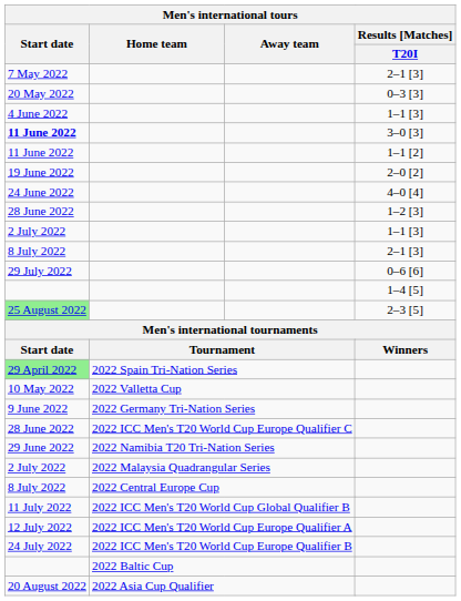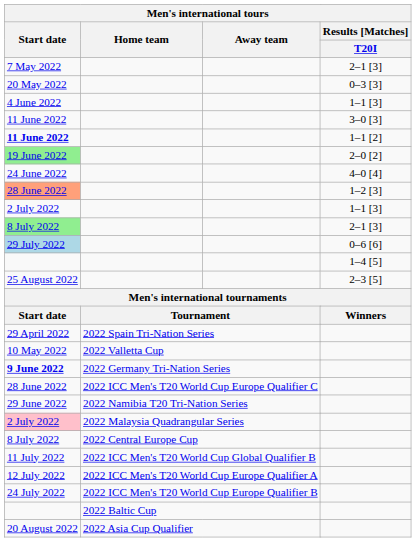 <table class="wikitable" style="text-align:center;">
 <tr>
 <th colspan=6>Men's international tours</th>
 </tr>
 <tr>
 <th rowspan=2>Start date</th>
 <th rowspan=2>Home team</th>
 <th rowspan=2>Away team</th>
 <th colspan=3>Results [Matches]</th>
 </tr>
 <tr>
 <th colspan=3><a href='#'>T20I</a></th>
 </tr>
 <tr>
 <td style="text-align:left"><a href='#'>7 May 2022</a></td>
 <td style="text-align:left"></td>
 <td style="text-align:left"></td>
 <td colspan=3>2–1 [3]</td>
 </tr>
 <tr>
 <td style="text-align:left"><a href='#'>20 May 2022</a></td>
 <td style="text-align:left"></td>
 <td style="text-align:left"></td>
 <td colspan=3>0–3 [3]</td>
 </tr>
 <tr>
 <td style="text-align:left"><a href='#'>4 June 2022</a></td>
 <td style="text-align:left"></td>
 <td style="text-align:left"></td>
 <td colspan=3>1–1 [3]</td>
 </tr>
 <tr>
-<td style="text-align:left"><strong><a href='#'>11 June 2022</a></strong></td>
+<td style="text-align:left"><a href='#'>11 June 2022</a></td>
 <td style="text-align:left"></td>
 <td style="text-align:left"></td>
 <td colspan=3>3–0 [3]</td>
 </tr>
 <tr>
-<td style="text-align:left"><a href='#'>11 June 2022</a></td>
+<td style="text-align:left"><strong><a href='#'>11 June 2022</a></strong></td>
 <td style="text-align:left"></td>
 <td style="text-align:left"></td>
 <td colspan=3>1–1 [2]</td>
 </tr>
 <tr>
-<td style="text-align:left"><a href='#'>19 June 2022</a></td>
+<td style="background: lightgreen; text-align:left"><a href='#'>19 June 2022</a></td>
 <td style="text-align:left"></td>
 <td style="text-align:left"></td>
 <td colspan=3>2–0 [2]</td>
 </tr>
 <tr>
 <td style="text-align:left"><a href='#'>24 June 2022</a></td>
 <td style="text-align:left"></td>
 <td style="text-align:left"></td>
 <td colspan=3>4–0 [4]</td>
 </tr>
 <tr>
-<td style="text-align:left"><a href='#'>28 June 2022</a></td>
+<td style="background: lightsalmon; text-align:left"><a href='#'>28 June 2022</a></td>
 <td style="text-align:left"></td>
 <td style="text-align:left"></td>
 <td colspan=3>1–2 [3]</td>
 </tr>
 <tr>
 <td style="text-align:left"><a href='#'>2 July 2022</a></td>
 <td style="text-align:left"></td>
 <td style="text-align:left"></td>
 <td colspan=3>1–1 [3]</td>
 </tr>
 <tr>
-<td style="text-align:left"><a href='#'>8 July 2022</a></td>
+<td style="background: lightgreen; text-align:left"><a href='#'>8 July 2022</a></td>
 <td style="text-align:left"></td>
 <td style="text-align:left"></td>
 <td colspan=3>2–1 [3]</td>
 </tr>
 <tr>
-<td style="text-align:left"><a href='#'>29 July 2022</a></td>
+<td style="background: lightblue; text-align:left"><a href='#'>29 July 2022</a></td>
 <td style="text-align:left"></td>
 <td style="text-align:left"></td>
 <td colspan=3>0–6 [6]</td>
 </tr>
 <tr>
 <td style="text-align:left"><a href='#'></a></td>
 <td style="text-align:left"> </td>
 <td style="text-align:left"></td>
 <td colspan=3>1–4 [5]</td>
 </tr>
 <tr>
-<td style="background: lightgreen; text-align:left"><a href='#'>25 August 2022</a></td>
+<td style="text-align:left"><a href='#'>25 August 2022</a></td>
 <td style="text-align:left"></td>
 <td style="text-align:left"></td>
 <td colspan=3>2–3 [5]</td>
 </tr>
 <tr>
 <th colspan=6>Men's international tournaments</th>
 </tr>
 <tr>
 <th>Start date</th>
 <th colspan=3>Tournament</th>
 <th colspan=2>Winners</th>
 </tr>
 <tr>
-<td style="background: lightgreen; text-align:left"><a href='#'>29 April 2022</a></td>
+<td style="text-align:left"><a href='#'>29 April 2022</a></td>
 <td style="text-align:left" colspan=3> <a href='#'>2022 Spain Tri-Nation Series</a></td>
 <td style="text-align:left" colspan=3></td>
 </tr>
 <tr>
 <td style="text-align:left"><a href='#'>10 May 2022</a></td>
 <td style="text-align:left" colspan=3> <a href='#'>2022 Valletta Cup</a></td>
 <td style="text-align:left" colspan=3></td>
 </tr>
 <tr>
-<td style="text-align:left"><a href='#'>9 June 2022</a></td>
+<td style="text-align:left"><strong><a href='#'>9 June 2022</a></strong></td>
 <td style="text-align:left" colspan=3> <a href='#'>2022 Germany Tri-Nation Series</a></td>
 <td style="text-align:left" colspan=3></td>
 </tr>
 <tr>
 <td style="text-align:left"><a href='#'>28 June 2022</a></td>
 <td style="text-align:left" colspan=3> <a href='#'>2022 ICC Men's T20 World Cup Europe Qualifier C</a></td>
 <td style="text-align:left" colspan=3></td>
 </tr>
 <tr>
 <td style="text-align:left"><a href='#'>29 June 2022</a></td>
 <td style="text-align:left" colspan=3> <a href='#'>2022 Namibia T20 Tri-Nation Series</a></td>
 <td style="text-align:left" colspan=3></td>
 </tr>
 <tr>
-<td style="text-align:left"><a href='#'>2 July 2022</a></td>
+<td style="background: pink; text-align:left"><a href='#'>2 July 2022</a></td>
 <td style="text-align:left" colspan=3> <a href='#'>2022 Malaysia Quadrangular Series</a></td>
 <td style="text-align:left" colspan=3></td>
 </tr>
 <tr>
 <td style="text-align:left"><a href='#'>8 July 2022</a></td>
 <td style="text-align:left" colspan=3> <a href='#'>2022 Central Europe Cup</a></td>
 <td style="text-align:left" colspan=3></td>
 </tr>
 <tr>
 <td style="text-align:left"><a href='#'>11 July 2022</a></td>
 <td style="text-align:left" colspan=3> <a href='#'>2022 ICC Men's T20 World Cup Global Qualifier B</a></td>
 <td style="text-align:left" colspan=3></td>
 </tr>
 <tr>
 <td style="text-align:left"><a href='#'>12 July 2022</a></td>
 <td style="text-align:left" colspan=3> <a href='#'>2022 ICC Men's T20 World Cup Europe Qualifier A</a></td>
 <td style="text-align:left" colspan=3></td>
 </tr>
 <tr>
 <td style="text-align:left"><a href='#'>24 July 2022</a></td>
 <td style="text-align:left" colspan=3> <a href='#'>2022 ICC Men's T20 World Cup Europe Qualifier B</a></td>
 <td style="text-align:left" colspan=3></td>
 </tr>
 <tr>
 <td style="text-align:left"><a href='#'></a></td>
 <td style="text-align:left" colspan=3> <a href='#'>2022 Baltic Cup</a></td>
 <td style="text-align:left" colspan=2></td>
 </tr>
 <tr>
 <td style="text-align:left"><a href='#'>20 August 2022</a></td>
 <td style="text-align:left" colspan=3> <a href='#'>2022 Asia Cup Qualifier</a></td>
 <td style="text-align:left" colspan=3></td>
 </tr>
 </table>
